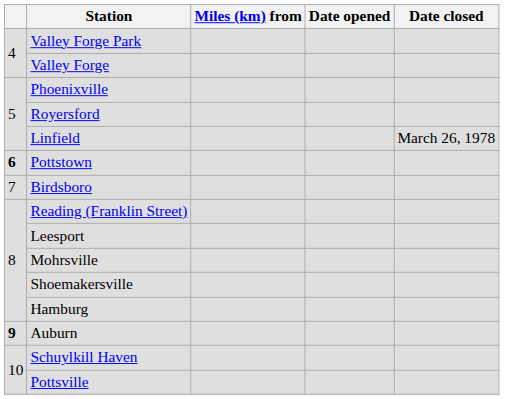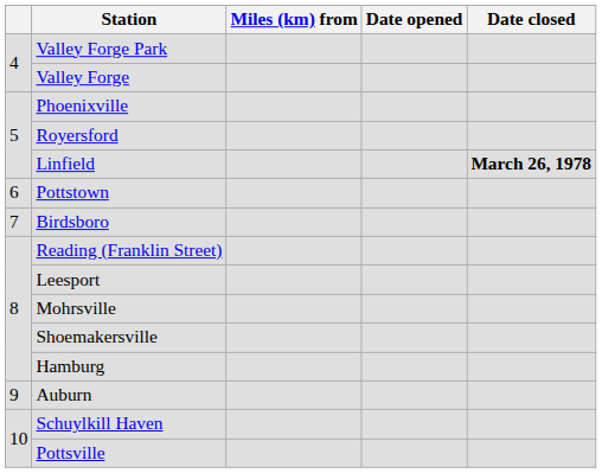 <table class="wikitable">
 <tr style="vertical-align:bottom;"|>
 <th></th>
 <th>Station</th>
 <th><a href='#'>Miles (km)</a> from<br></th>
 <th>Date opened</th>
 <th>Date closed</th>
 </tr>
 <tr bgcolor=dfdfdf>
 <td rowspan=2>4</td>
 <td><a href='#'>Valley Forge Park</a></td>
 <td> </td>
 <td> </td>
 <td></td>
 </tr>
 <tr bgcolor=dfdfdf>
 <td><a href='#'>Valley Forge</a></td>
 <td></td>
 <td> </td>
 <td></td>
 </tr>
 <tr bgcolor=dfdfdf>
 <td rowspan=3>5</td>
 <td><a href='#'>Phoenixville</a></td>
 <td></td>
 <td> </td>
 <td></td>
 </tr>
 <tr bgcolor=dfdfdf>
 <td><a href='#'>Royersford</a></td>
 <td></td>
 <td> </td>
 <td></td>
 </tr>
 <tr bgcolor=dfdfdf>
 <td><a href='#'>Linfield</a></td>
 <td></td>
 <td> </td>
-<td align="center">March 26, 1978</td>
+<td align="center"><strong>March 26, 1978</strong></td>
 </tr>
 <tr bgcolor=dfdfdf>
-<td rowspan=1><strong>6</strong></td>
+<td rowspan=1>6</td>
 <td><a href='#'>Pottstown</a></td>
 <td></td>
 <td> </td>
 <td></td>
 </tr>
 <tr bgcolor=dfdfdf>
 <td rowspan=1>7</td>
 <td><a href='#'>Birdsboro</a></td>
 <td></td>
 <td> </td>
 <td></td>
 </tr>
 <tr bgcolor=dfdfdf>
 <td rowspan=5>8</td>
 <td><a href='#'>Reading (Franklin Street)</a></td>
 <td></td>
 <td> </td>
 <td></td>
 </tr>
 <tr bgcolor=dfdfdf>
 <td>Leesport</td>
 <td></td>
 <td> </td>
 <td></td>
 </tr>
 <tr bgcolor=dfdfdf>
 <td>Mohrsville</td>
 <td></td>
 <td> </td>
 <td></td>
 </tr>
 <tr bgcolor=dfdfdf>
 <td>Shoemakersville</td>
 <td></td>
 <td> </td>
 <td></td>
 </tr>
 <tr bgcolor=dfdfdf>
 <td>Hamburg</td>
 <td></td>
 <td> </td>
 <td></td>
 </tr>
 <tr bgcolor=dfdfdf>
-<td rowspan=1><strong>9</strong></td>
+<td rowspan=1>9</td>
 <td>Auburn</td>
 <td></td>
 <td> </td>
 <td></td>
 </tr>
 <tr bgcolor=dfdfdf>
 <td rowspan=2>10</td>
 <td><a href='#'>Schuylkill Haven</a></td>
 <td></td>
 <td> </td>
 <td></td>
 </tr>
 <tr bgcolor=dfdfdf>
 <td><a href='#'>Pottsville</a></td>
 <td></td>
 <td> </td>
 <td></td>
 </tr>
 </table>
